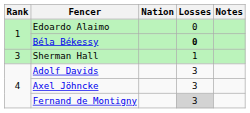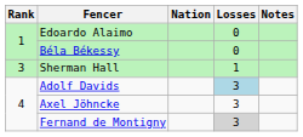 <table class="wikitable sortable" style="text-align:center">
 <tr>
 <th>Rank</th>
 <th>Fencer</th>
 <th>Nation</th>
 <th>Losses</th>
 <th>Notes</th>
 </tr>
 <tr bgcolor=bbf3bb>
 <td rowspan=2>1</td>
 <td align=left>Edoardo Alaimo</td>
 <td align=left></td>
 <td>0</td>
 <td></td>
 </tr>
 <tr bgcolor=bbf3bb>
 <td align=left><a href='#'>Béla Békessy</a></td>
 <td align=left></td>
-<td><strong>0</strong></td>
+<td>0</td>
 <td></td>
 </tr>
 <tr bgcolor=bbf3bb>
 <td>3</td>
 <td align=left>Sherman Hall</td>
 <td align=left></td>
 <td>1</td>
 <td></td>
 </tr>
 <tr>
 <td rowspan=3>4</td>
 <td align=left><a href='#'>Adolf Davids</a></td>
 <td align=left></td>
-<td>3</td>
+<td style="background: lightblue;">3</td>
 <td></td>
 </tr>
 <tr>
 <td align=left><a href='#'>Axel Jöhncke</a></td>
 <td align=left></td>
 <td>3</td>
 <td></td>
 </tr>
 <tr>
 <td align=left><a href='#'>Fernand de Montigny</a></td>
 <td align=left></td>
 <td style="background: lightgrey;">3</td>
 <td></td>
 </tr>
 </table>
